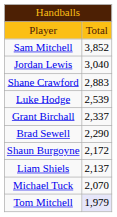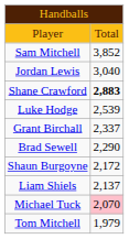 <table class="wikitable" style="text-align:center;">
 <tr>
 <td colspan="2" style="text-align:center; background: #4D2004; color: #FBBF15">Handballs</td>
 </tr>
 <tr>
 <td style="text-align:center; background: #FBBF15; color: #4D2004">Player</td>
 <td style="text-align:center; background: #FBBF15; color: #4D2004">Total</td>
 </tr>
 <tr>
 <td><a href='#'>Sam Mitchell</a></td>
 <td>3,852</td>
 </tr>
 <tr>
 <td><a href='#'>Jordan Lewis</a></td>
 <td>3,040</td>
 </tr>
 <tr>
 <td><a href='#'>Shane Crawford</a></td>
-<td>2,883</td>
+<td><strong>2,883</strong></td>
 </tr>
 <tr>
 <td><a href='#'>Luke Hodge</a></td>
 <td>2,539</td>
 </tr>
 <tr>
 <td><a href='#'>Grant Birchall</a></td>
 <td>2,337</td>
 </tr>
 <tr>
 <td><a href='#'>Brad Sewell</a></td>
 <td>2,290</td>
 </tr>
 <tr>
 <td><a href='#'>Shaun Burgoyne</a></td>
 <td>2,172</td>
 </tr>
 <tr>
 <td><a href='#'>Liam Shiels</a></td>
 <td>2,137</td>
 </tr>
 <tr>
 <td><a href='#'>Michael Tuck</a></td>
-<td>2,070</td>
+<td style="background: pink;">2,070</td>
 </tr>
 <tr>
 <td><a href='#'>Tom Mitchell</a></td>
-<td style="background: lavender;">1,979</td>
+<td>1,979</td>
 </tr>
 </table>
